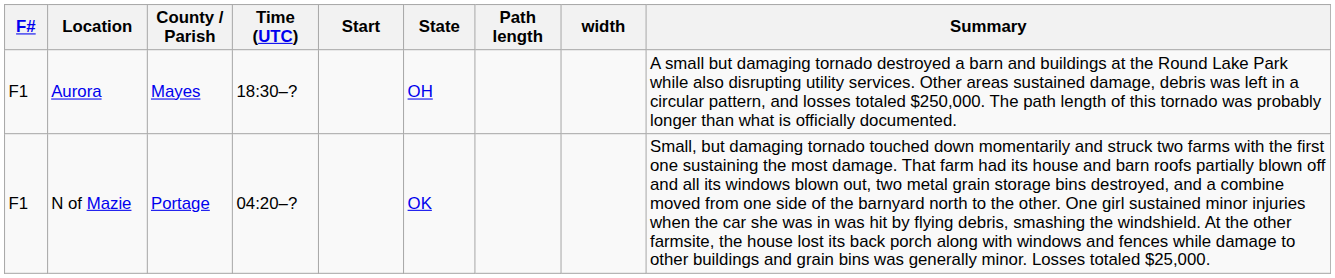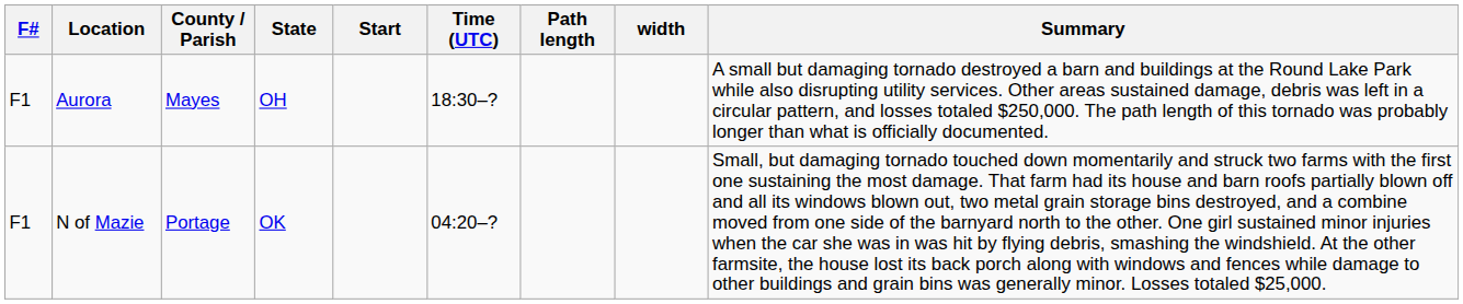 <table class="wikitable sortable" style="width:100%;">
 <tr>
 <th scope="col"  style="width:3%; text-align:center;"><a href='#'>F#</a></th>
 <th scope="col"  style="width:7%; text-align:center;" class="unsortable">Location</th>
 <th scope="col"  style="width:6%; text-align:center;" class="unsortable">County / Parish</th>
+<th scope="col"  style="width:5%; text-align:center;">State</th>
+<th scope="col"  style="width:6%; text-align:center;">Start<br></th>
 <th scope="col"  style="width:6%; text-align:center;">Time (<a href='#'>UTC</a>)</th>
-<th scope="col"  style="width:6%; text-align:center;">Start<br></th>
-<th scope="col"  style="width:5%; text-align:center;">State</th>
 <th scope="col"  style="width:6%; text-align:center;">Path length</th>
 <th scope="col"  style="width:6%; text-align:center;"> width</th>
 <th scope="col" class="unsortable" style="width:48%; text-align:center;">Summary</th>
 </tr>
 <tr>
 <td>F1</td>
 <td><a href='#'>Aurora</a></td>
 <td><a href='#'>Mayes</a></td>
+<td><a href='#'>OH</a></td>
+<td></td>
 <td>18:30–?</td>
-<td></td>
-<td><a href='#'>OH</a></td>
 <td></td>
 <td></td>
 <td>A small but damaging tornado destroyed a barn and buildings at the Round Lake Park while also disrupting utility services. Other areas sustained damage, debris was left in a circular pattern, and losses totaled $250,000. The path length of this tornado was probably longer than what is officially documented.</td>
 </tr>
 <tr>
 <td>F1</td>
 <td>N of <a href='#'>Mazie</a></td>
 <td><a href='#'>Portage</a></td>
+<td><a href='#'>OK</a></td>
+<td></td>
 <td>04:20–?</td>
-<td></td>
-<td><a href='#'>OK</a></td>
 <td></td>
 <td></td>
 <td>Small, but damaging tornado touched down momentarily and struck two farms with the first one sustaining the most damage. That farm had its house and barn roofs partially blown off and all its windows blown out, two metal grain storage bins destroyed, and a combine moved from one side of the barnyard north to the other. One girl sustained minor injuries when the car she was in was hit by flying debris, smashing the windshield. At the other farmsite, the house lost its back porch along with windows and fences while damage to other buildings and grain bins was generally minor. Losses totaled $25,000.</td>
 </tr>
 </table>
